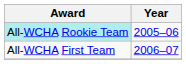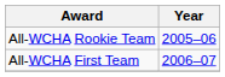 <table class="wikitable">
 <tr>
 <th>Award</th>
 <th>Year</th>
 </tr>
 <tr>
-<td style="background: paleturquoise;">All-<a href='#'>WCHA</a> <a href='#'>Rookie Team</a></td>
+<td>All-<a href='#'>WCHA</a> <a href='#'>Rookie Team</a></td>
 <td><a href='#'>2005–06</a></td>
 </tr>
 <tr>
 <td>All-<a href='#'>WCHA</a> <a href='#'>First Team</a></td>
 <td><a href='#'>2006–07</a></td>
 </tr>
 <tr>
 </tr>
 </table>
